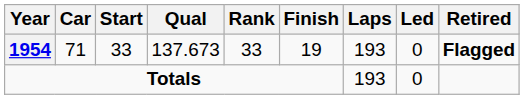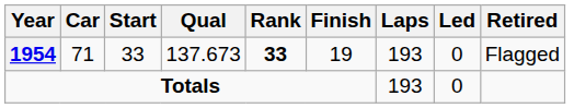 <table class="wikitable" style="text-align:center">
 <tr>
 <th>Year</th>
 <th>Car</th>
 <th>Start</th>
 <th>Qual</th>
 <th>Rank</th>
 <th>Finish</th>
 <th>Laps</th>
 <th>Led</th>
 <th>Retired</th>
 </tr>
 <tr>
 <th><a href='#'>1954</a></th>
 <td>71</td>
 <td>33</td>
 <td>137.673</td>
-<td>33</td>
+<td><strong>33</strong></td>
 <td>19</td>
 <td>193</td>
 <td>0</td>
-<td><strong>Flagged</strong></td>
+<td>Flagged</td>
 </tr>
 <tr>
 <td colspan=6><strong>Totals</strong></td>
 <td>193</td>
 <td>0</td>
 <td></td>
 </tr>
 </table>
